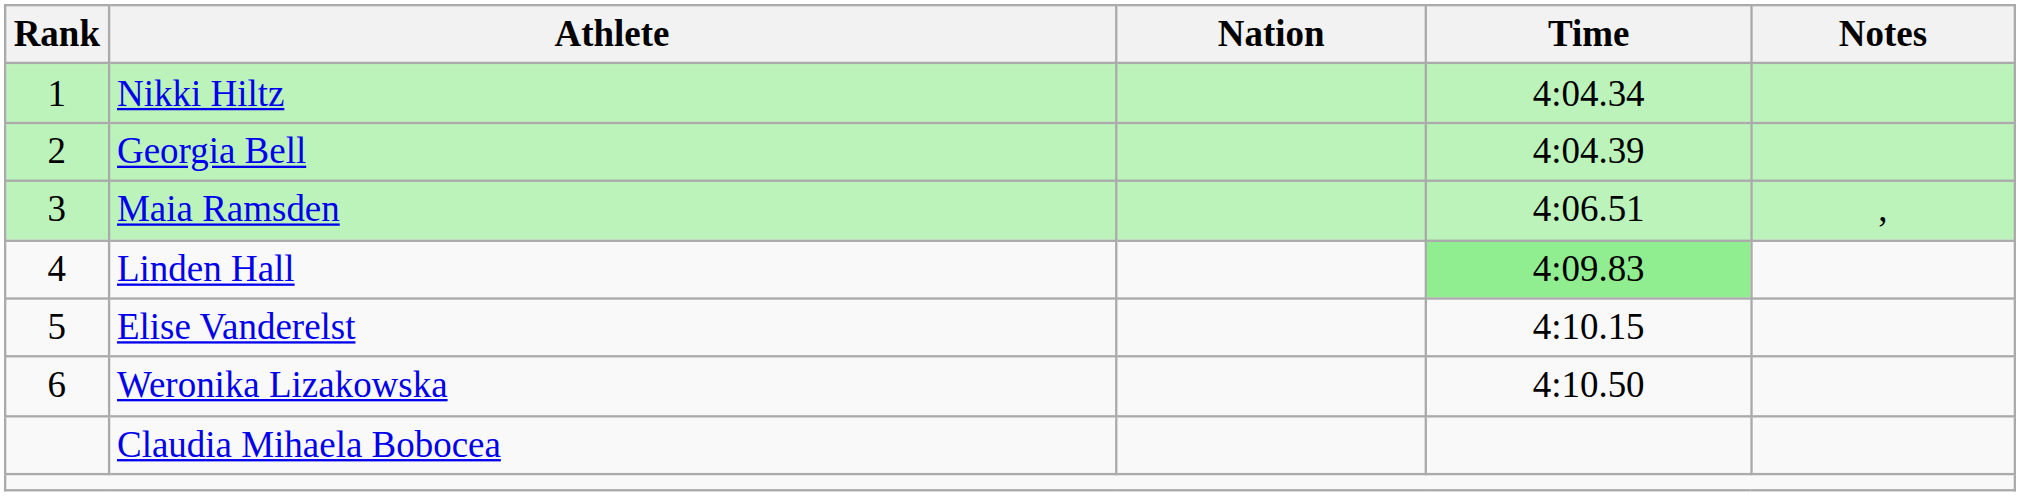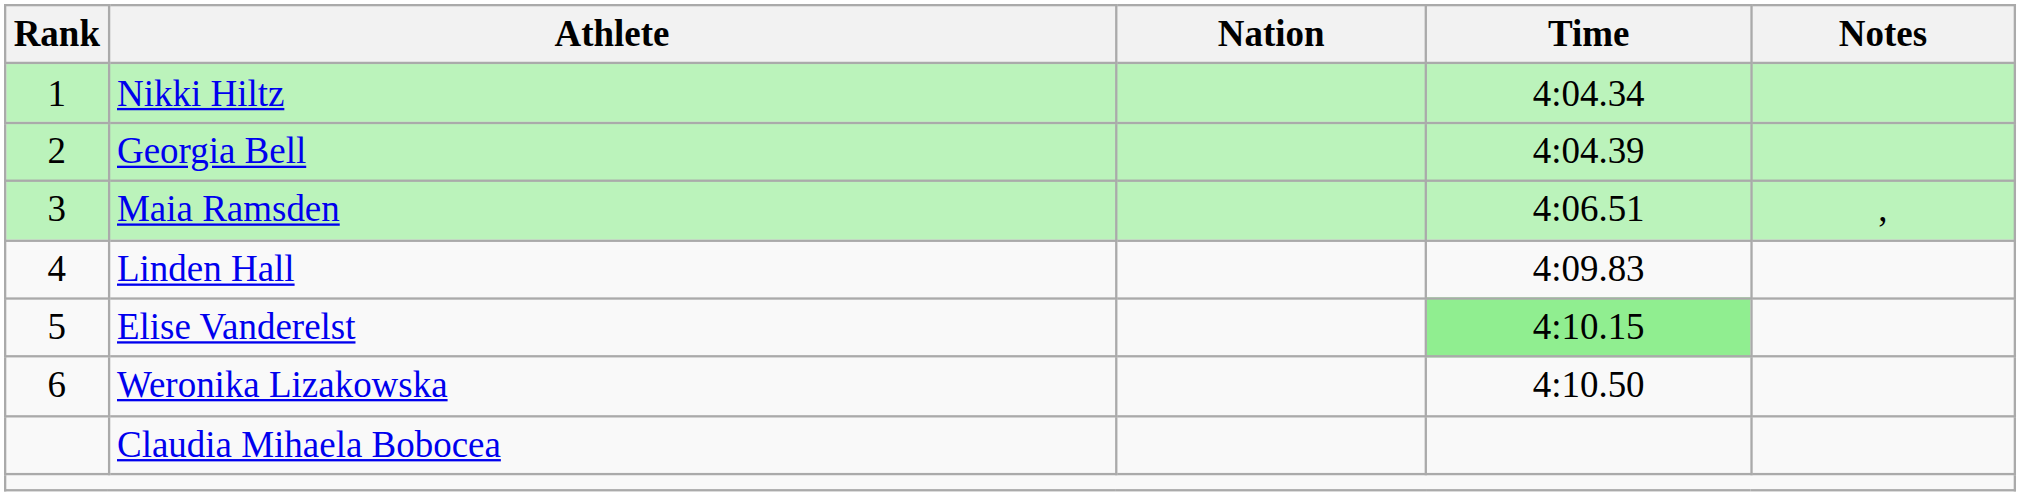 <table class="wikitable sortable" style="text-align:center;width: 55%;">
 <tr>
 <th scope="col" style="width: 10px;">Rank</th>
 <th scope="col">Athlete</th>
 <th scope="col">Nation</th>
 <th scope="col">Time</th>
 <th scope="col">Notes</th>
 </tr>
 <tr bgcolor=bbf3bb>
 <td>1</td>
 <td align=left><a href='#'>Nikki Hiltz</a></td>
 <td align=left></td>
 <td>4:04.34</td>
 <td></td>
 </tr>
 <tr bgcolor=bbf3bb>
 <td>2</td>
 <td align=left><a href='#'>Georgia Bell</a></td>
 <td align=left></td>
 <td>4:04.39</td>
 <td></td>
 </tr>
 <tr bgcolor=bbf3bb>
 <td>3</td>
 <td align=left><a href='#'>Maia Ramsden</a></td>
 <td align=left></td>
 <td>4:06.51</td>
 <td>, </td>
 </tr>
 <tr>
 <td>4</td>
 <td align=left><a href='#'>Linden Hall</a></td>
 <td align=left></td>
-<td style="background: lightgreen;">4:09.83</td>
+<td>4:09.83</td>
 <td></td>
 </tr>
 <tr>
 <td>5</td>
 <td align=left><a href='#'>Elise Vanderelst</a></td>
 <td align=left></td>
-<td>4:10.15</td>
+<td style="background: lightgreen;">4:10.15</td>
 <td></td>
 </tr>
 <tr>
 <td>6</td>
 <td align=left><a href='#'>Weronika Lizakowska</a></td>
 <td align=left></td>
 <td>4:10.50</td>
 <td></td>
 </tr>
 <tr>
 <td></td>
 <td align=left><a href='#'>Claudia Mihaela Bobocea</a></td>
 <td align=left></td>
 <td></td>
 <td></td>
 </tr>
 <tr class="sortbottom">
 <td colspan="5"></td>
 </tr>
 </table>
